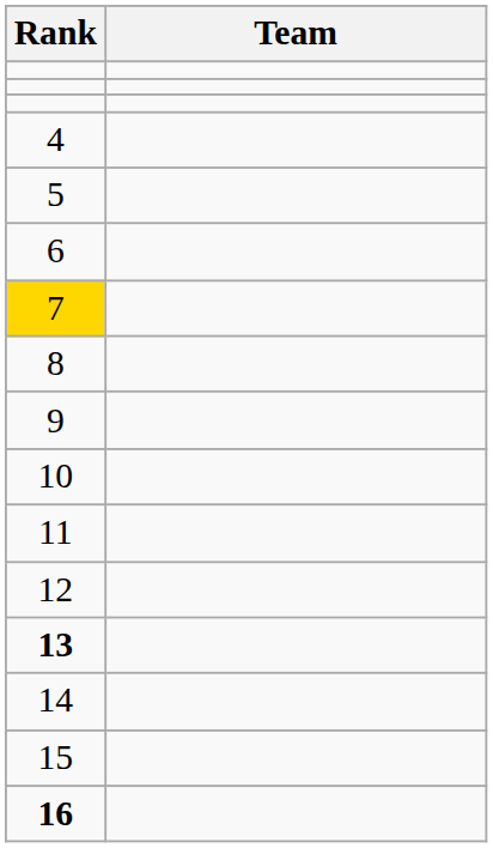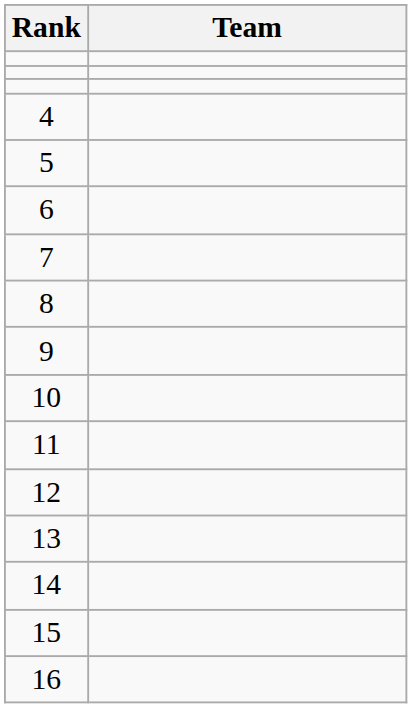 <table class="wikitable" style="text-align:center;">
 <tr>
 <th width=20>Rank</th>
 <th width=165>Team</th>
 </tr>
 <tr>
 <td></td>
 <td style="text-align:left;"></td>
 </tr>
 <tr>
 <td></td>
 <td style="text-align:left;"></td>
 </tr>
 <tr>
 <td></td>
 <td style="text-align:left;"></td>
 </tr>
 <tr>
 <td>4</td>
 <td style="text-align:left;"></td>
 </tr>
 <tr>
 <td>5</td>
 <td style="text-align:left;"></td>
 </tr>
 <tr>
 <td>6</td>
 <td style="text-align:left;"></td>
 </tr>
 <tr>
-<td style="background: gold;">7</td>
+<td>7</td>
 <td style="text-align:left;"></td>
 </tr>
 <tr>
 <td>8</td>
 <td style="text-align:left;"></td>
 </tr>
 <tr>
 <td>9</td>
 <td style="text-align:left;"></td>
 </tr>
 <tr>
 <td>10</td>
 <td style="text-align:left;"></td>
 </tr>
 <tr>
 <td>11</td>
 <td style="text-align:left;"></td>
 </tr>
 <tr>
 <td>12</td>
 <td style="text-align:left;"></td>
 </tr>
 <tr>
-<td><strong>13</strong></td>
+<td>13</td>
 <td style="text-align:left;"></td>
 </tr>
 <tr>
 <td>14</td>
 <td style="text-align:left;"></td>
 </tr>
 <tr>
 <td>15</td>
 <td style="text-align:left;"></td>
 </tr>
 <tr>
-<td><strong>16</strong></td>
+<td>16</td>
 <td style="text-align:left;"></td>
 </tr>
 </table>
